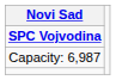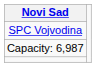 <table class="wikitable" style="text-align:center">
 <tr>
 <th><a href='#'>Novi Sad</a></th>
 <td rowspan=4></td>
 </tr>
 <tr>
-<td><strong><a href='#'>SPC Vojvodina</a></strong></td>
+<td><a href='#'>SPC Vojvodina</a></td>
 </tr>
 <tr>
 <td>Capacity: 6,987</td>
 </tr>
 <tr>
 <td></td>
 </tr>
 </table>
